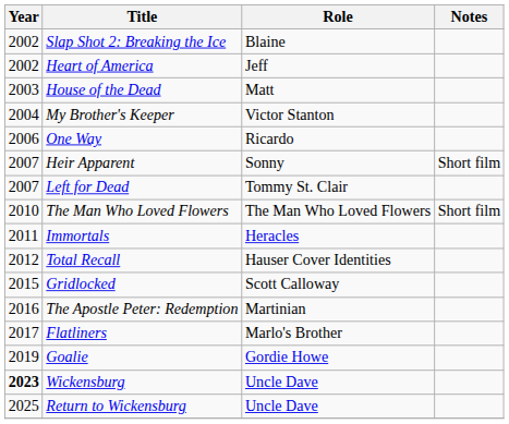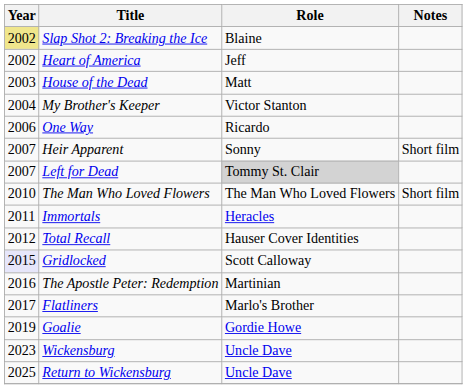 <table class="wikitable sortable">
 <tr>
 <th>Year</th>
 <th>Title</th>
 <th>Role</th>
 <th class="unsortable">Notes</th>
 </tr>
 <tr>
-<td>2002</td>
+<td style="background: khaki;">2002</td>
 <td><em><a href='#'>Slap Shot 2: Breaking the Ice</a></em></td>
 <td>Blaine</td>
 <td></td>
 </tr>
 <tr>
 <td>2002</td>
 <td><em><a href='#'>Heart of America</a></em></td>
 <td>Jeff</td>
 <td></td>
 </tr>
 <tr>
 <td>2003</td>
 <td><em><a href='#'>House of the Dead</a></em></td>
 <td>Matt</td>
 <td></td>
 </tr>
 <tr>
 <td>2004</td>
 <td><em>My Brother's Keeper</em></td>
 <td>Victor Stanton</td>
 <td></td>
 </tr>
 <tr>
 <td>2006</td>
 <td><em><a href='#'>One Way</a></em></td>
 <td>Ricardo</td>
 <td></td>
 </tr>
 <tr>
 <td>2007</td>
 <td><em>Heir Apparent</em></td>
 <td>Sonny</td>
 <td>Short film</td>
 </tr>
 <tr>
 <td>2007</td>
 <td><em><a href='#'>Left for Dead</a></em></td>
-<td>Tommy St. Clair</td>
+<td style="background: lightgrey;">Tommy St. Clair</td>
 <td></td>
 </tr>
 <tr>
 <td>2010</td>
 <td data-sort-value="Man Who Loved Flowers, The"><em>The Man Who Loved Flowers</em></td>
 <td>The Man Who Loved Flowers</td>
 <td>Short film</td>
 </tr>
 <tr>
 <td>2011</td>
 <td><em><a href='#'>Immortals</a></em></td>
 <td><a href='#'>Heracles</a></td>
 <td></td>
 </tr>
 <tr>
 <td>2012</td>
 <td><em><a href='#'>Total Recall</a></em></td>
 <td>Hauser Cover Identities</td>
 <td></td>
 </tr>
 <tr>
-<td>2015</td>
+<td style="background: lavender;">2015</td>
 <td><em><a href='#'>Gridlocked</a></em></td>
 <td>Scott Calloway</td>
 <td></td>
 </tr>
 <tr>
 <td>2016</td>
 <td data-sort-value="Apostle Peter: Redemption, The"><em>The Apostle Peter: Redemption</em></td>
 <td>Martinian</td>
 <td></td>
 </tr>
 <tr>
 <td>2017</td>
 <td><em><a href='#'>Flatliners</a></em></td>
 <td>Marlo's Brother</td>
 <td></td>
 </tr>
 <tr>
 <td>2019</td>
 <td><em><a href='#'>Goalie</a></em></td>
 <td><a href='#'>Gordie Howe</a></td>
 <td></td>
 </tr>
 <tr>
-<td><strong>2023</strong></td>
+<td>2023</td>
 <td><em><a href='#'>Wickensburg</a></em></td>
 <td><a href='#'>Uncle Dave</a></td>
 <td></td>
 </tr>
 <tr>
 <td>2025</td>
 <td><em><a href='#'>Return to Wickensburg</a></em></td>
 <td><a href='#'>Uncle Dave</a></td>
 <td></td>
 </tr>
 <tr>
 </tr>
 </table>
